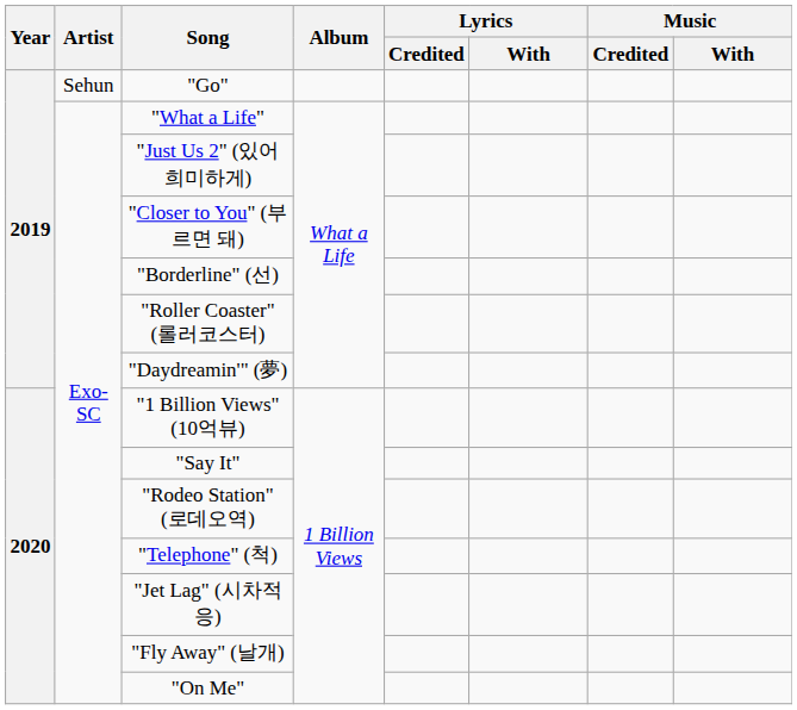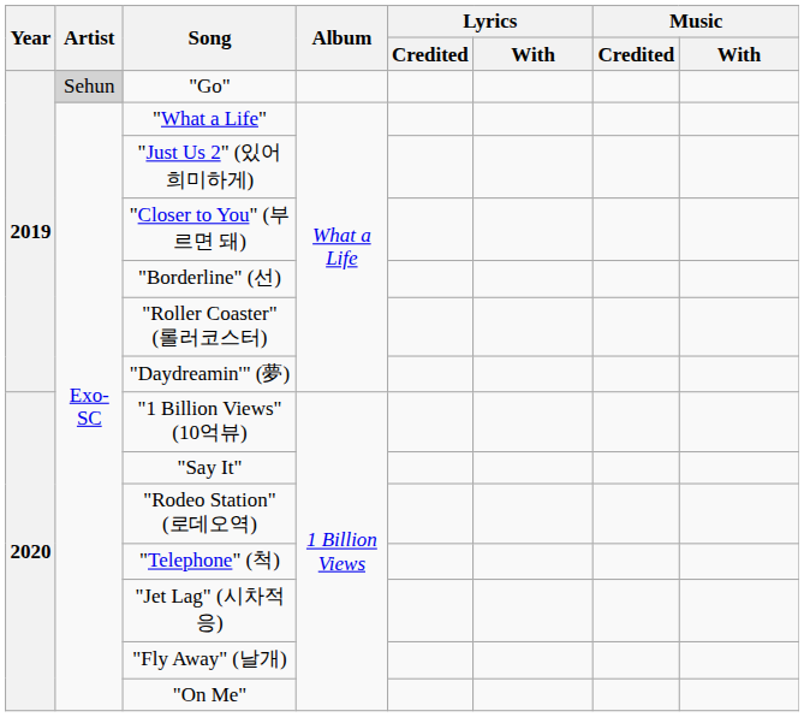 <table class="wikitable plainrowheaders" style="text-align:center; width:100%">
 <tr>
 <th rowspan="2" style="width:3%">Year</th>
 <th rowspan="2" style="width:9%">Artist</th>
 <th rowspan="2" style="width:25%">Song</th>
 <th rowspan="2" style="width:13%">Album</th>
 <th colspan="2" style="width:25%">Lyrics</th>
 <th colspan="2" style="width:25%">Music</th>
 </tr>
 <tr>
 <th style="width:5%">Credited</th>
 <th style="width:20%">With</th>
 <th style="width:5%">Credited</th>
 <th style="width:20%">With</th>
 </tr>
 <tr>
 <th scope="row" rowspan="7">2019</th>
-<td align="center">Sehun</td>
+<td align="center" style="background: lightgrey;">Sehun</td>
 <td>"Go"</td>
 <td></td>
 <td></td>
 <td align="center"></td>
 <td></td>
 <td></td>
 </tr>
 <tr>
 <td rowspan="13" align="center"><a href='#'>Exo-SC</a></td>
 <td>"<a href='#'>What a Life</a>"</td>
 <td align="center" rowspan="6"><em><a href='#'>What a Life</a></em></td>
 <td></td>
 <td align="center"></td>
 <td></td>
 <td></td>
 </tr>
 <tr>
 <td>"<a href='#'>Just Us 2</a>" (있어 희미하게) </td>
 <td></td>
 <td align="center"></td>
 <td></td>
 <td></td>
 </tr>
 <tr>
 <td>"<a href='#'>Closer to You</a>" (부르면 돼)</td>
 <td></td>
 <td align="center"></td>
 <td></td>
 <td></td>
 </tr>
 <tr>
 <td>"Borderline" (선)</td>
 <td></td>
 <td align="center"></td>
 <td></td>
 <td></td>
 </tr>
 <tr>
 <td>"Roller Coaster" (롤러코스터)</td>
 <td></td>
 <td align="center"></td>
 <td></td>
 <td align="center"></td>
 </tr>
 <tr>
 <td>"Daydreamin'" (夢)</td>
 <td></td>
 <td align="center"></td>
 <td></td>
 <td align="center"></td>
 </tr>
 <tr>
 <th scope="row" rowspan="7">2020</th>
 <td>"1 Billion Views" (10억뷰) </td>
 <td rowspan="7" align="center"><em><a href='#'>1 Billion Views</a></em></td>
 <td></td>
 <td align="center"></td>
 <td></td>
 <td></td>
 </tr>
 <tr>
 <td>"Say It" </td>
 <td></td>
 <td align="center"></td>
 <td></td>
 <td></td>
 </tr>
 <tr>
 <td>"Rodeo Station" (로데오역)</td>
 <td></td>
 <td align="center"></td>
 <td></td>
 <td></td>
 </tr>
 <tr>
 <td>"<a href='#'>Telephone</a>" (척) </td>
 <td></td>
 <td align="center"></td>
 <td></td>
 <td align="center"></td>
 </tr>
 <tr>
 <td>"Jet Lag" (시차적응)</td>
 <td></td>
 <td align="center"></td>
 <td></td>
 <td></td>
 </tr>
 <tr>
 <td>"Fly Away" (날개) </td>
 <td></td>
 <td align="center"></td>
 <td></td>
 <td align="center"></td>
 </tr>
 <tr>
 <td>"On Me"</td>
 <td></td>
 <td align="center"></td>
 <td></td>
 <td align="center"></td>
 </tr>
 </table>
